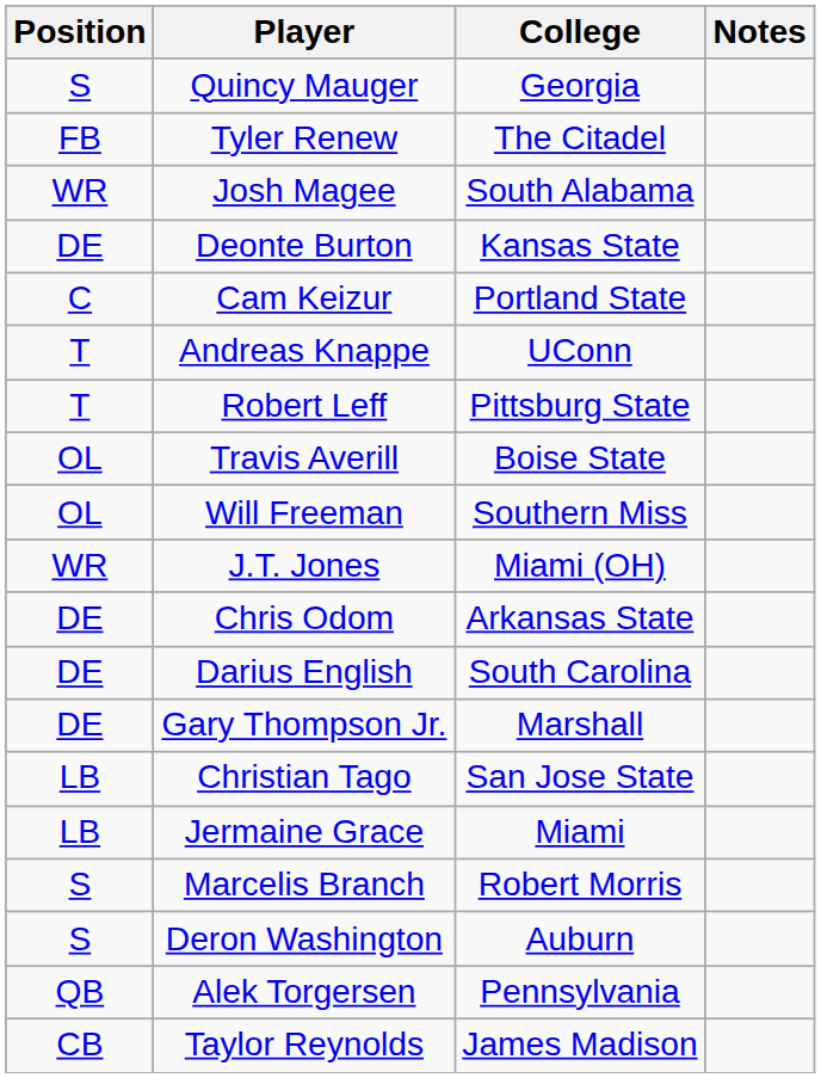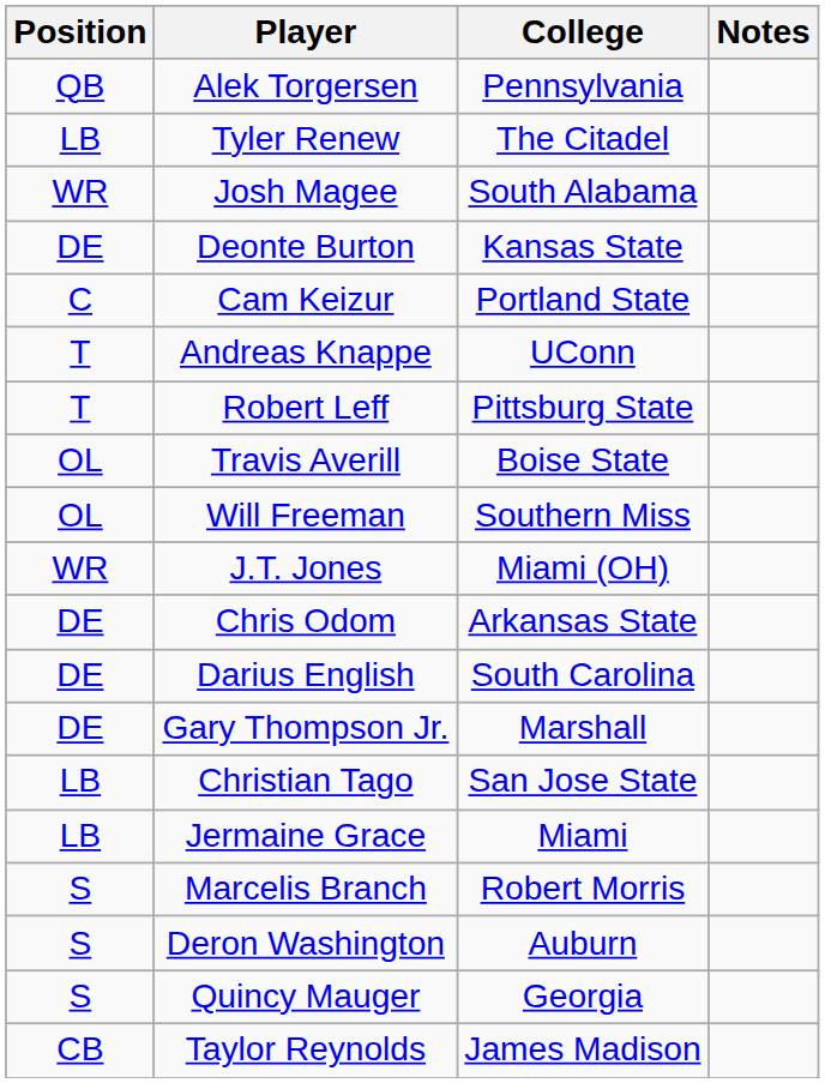 <table class="wikitable" style="text-align:center">
 <tr>
 <th>Position</th>
 <th>Player</th>
 <th>College</th>
 <th>Notes</th>
 </tr>
 <tr>
-<td><a href='#'>S</a></td>
-<td><a href='#'>Quincy Mauger</a></td>
-<td><a href='#'>Georgia</a></td>
+<td><a href='#'>QB</a></td>
+<td><a href='#'>Alek Torgersen</a></td>
+<td><a href='#'>Pennsylvania</a></td>
 <td></td>
 </tr>
 <tr>
-<td><a href='#'>FB</a></td>
+<td><a href='#'>LB</a></td>
 <td><a href='#'>Tyler Renew</a></td>
 <td><a href='#'>The Citadel</a></td>
 <td></td>
 </tr>
 <tr>
 <td><a href='#'>WR</a></td>
 <td><a href='#'>Josh Magee</a></td>
 <td><a href='#'>South Alabama</a></td>
 <td></td>
 </tr>
 <tr>
 <td><a href='#'>DE</a></td>
 <td><a href='#'>Deonte Burton</a></td>
 <td><a href='#'>Kansas State</a></td>
 <td></td>
 </tr>
 <tr>
 <td><a href='#'>C</a></td>
 <td><a href='#'>Cam Keizur</a></td>
 <td><a href='#'>Portland State</a></td>
 <td></td>
 </tr>
 <tr>
 <td><a href='#'>T</a></td>
 <td><a href='#'>Andreas Knappe</a></td>
 <td><a href='#'>UConn</a></td>
 <td></td>
 </tr>
 <tr>
 <td><a href='#'>T</a></td>
 <td><a href='#'>Robert Leff</a></td>
 <td><a href='#'>Pittsburg State</a></td>
 <td></td>
 </tr>
 <tr>
 <td><a href='#'>OL</a></td>
 <td><a href='#'>Travis Averill</a></td>
 <td><a href='#'>Boise State</a></td>
 <td></td>
 </tr>
 <tr>
 <td><a href='#'>OL</a></td>
 <td><a href='#'>Will Freeman</a></td>
 <td><a href='#'>Southern Miss</a></td>
 <td></td>
 </tr>
 <tr>
 <td><a href='#'>WR</a></td>
 <td><a href='#'>J.T. Jones</a></td>
 <td><a href='#'>Miami (OH)</a></td>
 <td></td>
 </tr>
 <tr>
 <td><a href='#'>DE</a></td>
 <td><a href='#'>Chris Odom</a></td>
 <td><a href='#'>Arkansas State</a></td>
 <td></td>
 </tr>
 <tr>
 <td><a href='#'>DE</a></td>
 <td><a href='#'>Darius English</a></td>
 <td><a href='#'>South Carolina</a></td>
 <td></td>
 </tr>
 <tr>
 <td><a href='#'>DE</a></td>
 <td><a href='#'>Gary Thompson Jr.</a></td>
 <td><a href='#'>Marshall</a></td>
 <td></td>
 </tr>
 <tr>
 <td><a href='#'>LB</a></td>
 <td><a href='#'>Christian Tago</a></td>
 <td><a href='#'>San Jose State</a></td>
 <td></td>
 </tr>
 <tr>
 <td><a href='#'>LB</a></td>
 <td><a href='#'>Jermaine Grace</a></td>
 <td><a href='#'>Miami</a></td>
 <td></td>
 </tr>
 <tr>
 <td><a href='#'>S</a></td>
 <td><a href='#'>Marcelis Branch</a></td>
 <td><a href='#'>Robert Morris</a></td>
 <td></td>
 </tr>
 <tr>
 <td><a href='#'>S</a></td>
 <td><a href='#'>Deron Washington</a></td>
 <td><a href='#'>Auburn</a></td>
 <td></td>
 </tr>
 <tr>
-<td><a href='#'>QB</a></td>
-<td><a href='#'>Alek Torgersen</a></td>
-<td><a href='#'>Pennsylvania</a></td>
+<td><a href='#'>S</a></td>
+<td><a href='#'>Quincy Mauger</a></td>
+<td><a href='#'>Georgia</a></td>
 <td></td>
 </tr>
 <tr>
 <td><a href='#'>CB</a></td>
 <td><a href='#'>Taylor Reynolds</a></td>
 <td><a href='#'>James Madison</a></td>
 <td></td>
 </tr>
 </table>
